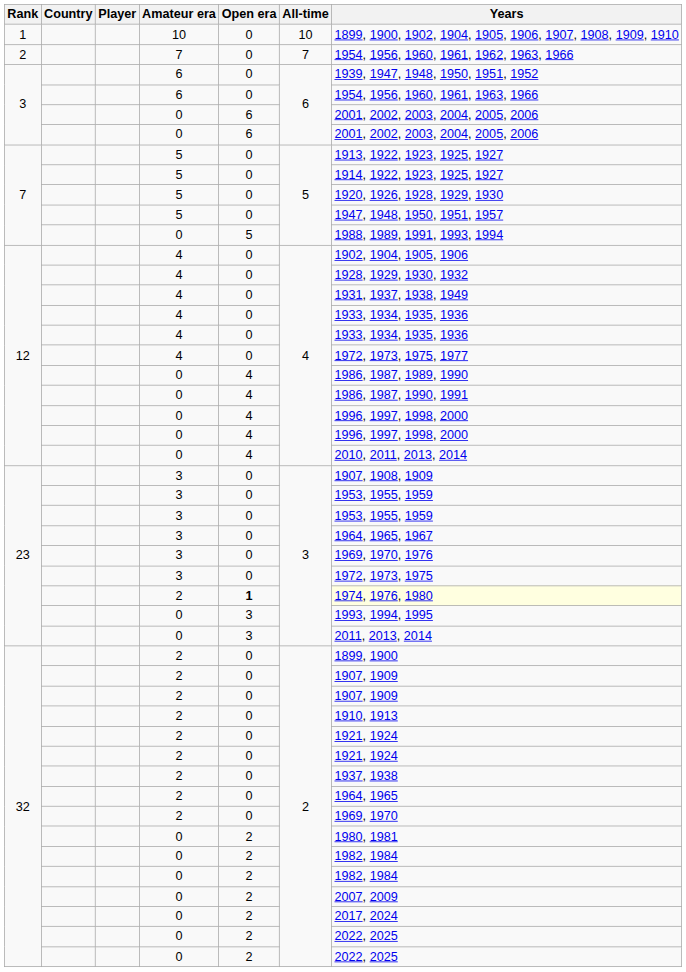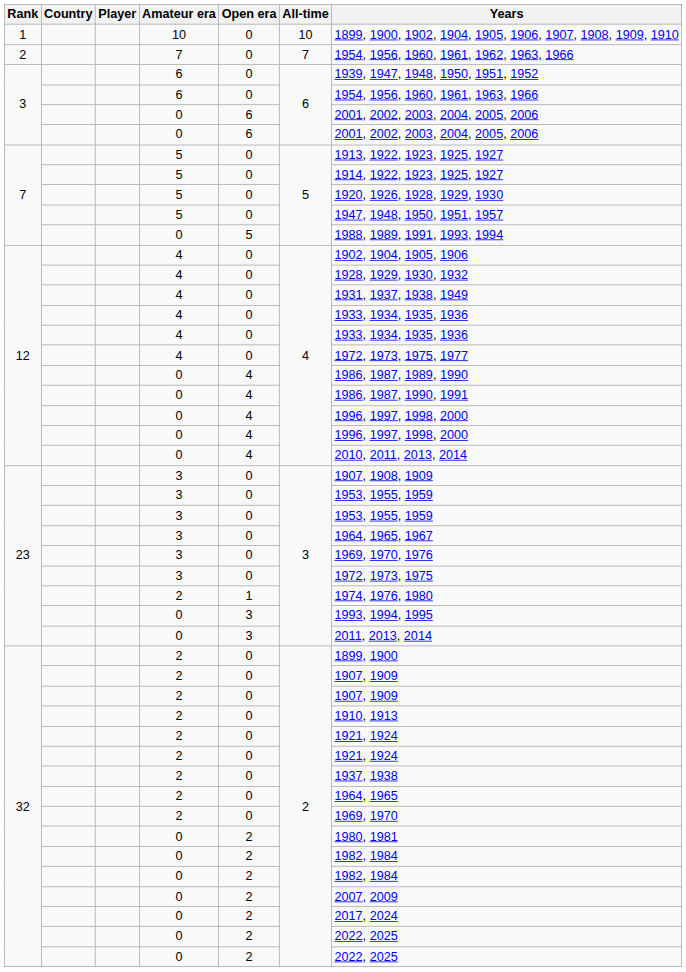 <table class="wikitable sortable">
 <tr>
 <th>Rank</th>
 <th>Country</th>
 <th>Player</th>
 <th>Amateur era</th>
 <th>Open era</th>
 <th>All-time</th>
 <th class="unsortable">Years</th>
 </tr>
 <tr>
 <td align=center>1</td>
 <td></td>
 <td></td>
 <td align=center>10</td>
 <td align=center>0</td>
 <td align=center>10</td>
 <td><a href='#'>1899</a>, <a href='#'>1900</a>, <a href='#'>1902</a>, <a href='#'>1904</a>, <a href='#'>1905</a>, <a href='#'>1906</a>, <a href='#'>1907</a>, <a href='#'>1908</a>, <a href='#'>1909</a>, <a href='#'>1910</a></td>
 </tr>
 <tr>
 <td align=center>2</td>
 <td><br></td>
 <td></td>
 <td align=center>7</td>
 <td align=center>0</td>
 <td align=center>7</td>
 <td><a href='#'>1954</a>, <a href='#'>1956</a>, <a href='#'>1960</a>, <a href='#'>1961</a>, <a href='#'>1962</a>, <a href='#'>1963</a>, <a href='#'>1966</a></td>
 </tr>
 <tr>
 <td rowspan=4 align=center>3</td>
 <td></td>
 <td></td>
 <td align=center>6</td>
 <td align=center>0</td>
 <td rowspan=4 align=center>6</td>
 <td><a href='#'>1939</a>, <a href='#'>1947</a>, <a href='#'>1948</a>, <a href='#'>1950</a>, <a href='#'>1951</a>, <a href='#'>1952</a></td>
 </tr>
 <tr>
 <td><br></td>
 <td></td>
 <td align=center>6</td>
 <td align=center>0</td>
 <td><a href='#'>1954</a>, <a href='#'>1956</a>, <a href='#'>1960</a>, <a href='#'>1961</a>, <a href='#'>1963</a>, <a href='#'>1966</a></td>
 </tr>
 <tr>
 <td></td>
 <td></td>
 <td align=center>0</td>
 <td align=center>6</td>
 <td><a href='#'>2001</a>, <a href='#'>2002</a>, <a href='#'>2003</a>, <a href='#'>2004</a>, <a href='#'>2005</a>, <a href='#'>2006</a></td>
 </tr>
 <tr>
 <td></td>
 <td></td>
 <td align=center>0</td>
 <td align=center>6</td>
 <td><a href='#'>2001</a>, <a href='#'>2002</a>, <a href='#'>2003</a>, <a href='#'>2004</a>, <a href='#'>2005</a>, <a href='#'>2006</a></td>
 </tr>
 <tr>
 <td rowspan=5 align=center>7</td>
 <td></td>
 <td></td>
 <td align=center>5</td>
 <td align=center>0</td>
 <td rowspan=5 align=center>5</td>
 <td><a href='#'>1913</a>, <a href='#'>1922</a>, <a href='#'>1923</a>, <a href='#'>1925</a>, <a href='#'>1927</a></td>
 </tr>
 <tr>
 <td></td>
 <td></td>
 <td align=center>5</td>
 <td align=center>0</td>
 <td><a href='#'>1914</a>, <a href='#'>1922</a>, <a href='#'>1923</a>, <a href='#'>1925</a>, <a href='#'>1927</a></td>
 </tr>
 <tr>
 <td></td>
 <td></td>
 <td align=center>5</td>
 <td align=center>0</td>
 <td><a href='#'>1920</a>, <a href='#'>1926</a>, <a href='#'>1928</a>, <a href='#'>1929</a>, <a href='#'>1930</a></td>
 </tr>
 <tr>
 <td></td>
 <td></td>
 <td align=center>5</td>
 <td align=center>0</td>
 <td><a href='#'>1947</a>, <a href='#'>1948</a>, <a href='#'>1950</a>, <a href='#'>1951</a>, <a href='#'>1957</a></td>
 </tr>
 <tr>
 <td></td>
 <td></td>
 <td align=center>0</td>
 <td align=center>5</td>
 <td><a href='#'>1988</a>, <a href='#'>1989</a>, <a href='#'>1991</a>, <a href='#'>1993</a>, <a href='#'>1994</a></td>
 </tr>
 <tr>
 <td rowspan=11 align=center>12</td>
 <td></td>
 <td></td>
 <td align=center>4</td>
 <td align=center>0</td>
 <td rowspan=11 align=center>4</td>
 <td><a href='#'>1902</a>, <a href='#'>1904</a>, <a href='#'>1905</a>, <a href='#'>1906</a></td>
 </tr>
 <tr>
 <td></td>
 <td></td>
 <td align=center>4</td>
 <td align=center>0</td>
 <td><a href='#'>1928</a>, <a href='#'>1929</a>, <a href='#'>1930</a>, <a href='#'>1932</a></td>
 </tr>
 <tr>
 <td></td>
 <td></td>
 <td align=center>4</td>
 <td align=center>0</td>
 <td><a href='#'>1931</a>, <a href='#'>1937</a>, <a href='#'>1938</a>, <a href='#'>1949</a></td>
 </tr>
 <tr>
 <td></td>
 <td></td>
 <td align=center>4</td>
 <td align=center>0</td>
 <td><a href='#'>1933</a>, <a href='#'>1934</a>, <a href='#'>1935</a>, <a href='#'>1936</a></td>
 </tr>
 <tr>
 <td></td>
 <td></td>
 <td align=center>4</td>
 <td align=center>0</td>
 <td><a href='#'>1933</a>, <a href='#'>1934</a>, <a href='#'>1935</a>, <a href='#'>1936</a></td>
 </tr>
 <tr>
 <td></td>
 <td></td>
 <td align=center>4</td>
 <td align=center>0</td>
 <td><a href='#'>1972</a>, <a href='#'>1973</a>, <a href='#'>1975</a>, <a href='#'>1977</a></td>
 </tr>
 <tr>
 <td></td>
 <td></td>
 <td align=center>0</td>
 <td align=center>4</td>
 <td><a href='#'>1986</a>, <a href='#'>1987</a>, <a href='#'>1989</a>, <a href='#'>1990</a></td>
 </tr>
 <tr>
 <td></td>
 <td></td>
 <td align=center>0</td>
 <td align=center>4</td>
 <td><a href='#'>1986</a>, <a href='#'>1987</a>, <a href='#'>1990</a>, <a href='#'>1991</a></td>
 </tr>
 <tr>
 <td></td>
 <td></td>
 <td align=center>0</td>
 <td align=center>4</td>
 <td><a href='#'>1996</a>, <a href='#'>1997</a>, <a href='#'>1998</a>, <a href='#'>2000</a></td>
 </tr>
 <tr>
 <td></td>
 <td></td>
 <td align=center>0</td>
 <td align=center>4</td>
 <td><a href='#'>1996</a>, <a href='#'>1997</a>, <a href='#'>1998</a>, <a href='#'>2000</a></td>
 </tr>
 <tr>
 <td></td>
 <td></td>
 <td align=center>0</td>
 <td align=center>4</td>
 <td><a href='#'>2010</a>, <a href='#'>2011</a>, <a href='#'>2013</a>, <a href='#'>2014</a></td>
 </tr>
 <tr>
 <td rowspan=9 align=center>23</td>
 <td></td>
 <td></td>
 <td align=center>3</td>
 <td align=center>0</td>
 <td rowspan=9 align=center>3</td>
 <td><a href='#'>1907</a>, <a href='#'>1908</a>, <a href='#'>1909</a></td>
 </tr>
 <tr>
 <td></td>
 <td></td>
 <td align=center>3</td>
 <td align=center>0</td>
 <td><a href='#'>1953</a>, <a href='#'>1955</a>, <a href='#'>1959</a></td>
 </tr>
 <tr>
 <td></td>
 <td></td>
 <td align=center>3</td>
 <td align=center>0</td>
 <td><a href='#'>1953</a>, <a href='#'>1955</a>, <a href='#'>1959</a></td>
 </tr>
 <tr>
 <td></td>
 <td></td>
 <td align=center>3</td>
 <td align=center>0</td>
 <td><a href='#'>1964</a>, <a href='#'>1965</a>, <a href='#'>1967</a></td>
 </tr>
 <tr>
 <td></td>
 <td></td>
 <td align=center>3</td>
 <td align=center>0</td>
 <td><a href='#'>1969</a>, <a href='#'>1970</a>, <a href='#'>1976</a></td>
 </tr>
 <tr>
 <td></td>
 <td></td>
 <td align=center>3</td>
 <td align=center>0</td>
 <td><a href='#'>1972</a>, <a href='#'>1973</a>, <a href='#'>1975</a></td>
 </tr>
 <tr>
 <td></td>
 <td></td>
 <td align=center>2</td>
-<td align=center><strong>1</strong></td>
-<td style="background: lightyellow;"><a href='#'>1974</a>, <a href='#'>1976</a>, <a href='#'>1980</a></td>
+<td align=center>1</td>
+<td><a href='#'>1974</a>, <a href='#'>1976</a>, <a href='#'>1980</a></td>
 </tr>
 <tr>
 <td></td>
 <td></td>
 <td align=center>0</td>
 <td align=center>3</td>
 <td><a href='#'>1993</a>, <a href='#'>1994</a>, <a href='#'>1995</a></td>
 </tr>
 <tr>
 <td></td>
 <td></td>
 <td align=center>0</td>
 <td align=center>3</td>
 <td><a href='#'>2011</a>, <a href='#'>2013</a>, <a href='#'>2014</a></td>
 </tr>
 <tr>
 <td rowspan=16 align=center>32</td>
 <td></td>
 <td></td>
 <td align=center>2</td>
 <td align=center>0</td>
 <td rowspan=16 align=center>2</td>
 <td><a href='#'>1899</a>, <a href='#'>1900</a></td>
 </tr>
 <tr>
 <td></td>
 <td></td>
 <td align=center>2</td>
 <td align=center>0</td>
 <td><a href='#'>1907</a>, <a href='#'>1909</a></td>
 </tr>
 <tr>
 <td></td>
 <td></td>
 <td align=center>2</td>
 <td align=center>0</td>
 <td><a href='#'>1907</a>, <a href='#'>1909</a></td>
 </tr>
 <tr>
 <td></td>
 <td></td>
 <td align=center>2</td>
 <td align=center>0</td>
 <td><a href='#'>1910</a>, <a href='#'>1913</a></td>
 </tr>
 <tr>
 <td></td>
 <td></td>
 <td align=center>2</td>
 <td align=center>0</td>
 <td><a href='#'>1921</a>, <a href='#'>1924</a></td>
 </tr>
 <tr>
 <td></td>
 <td></td>
 <td align=center>2</td>
 <td align=center>0</td>
 <td><a href='#'>1921</a>, <a href='#'>1924</a></td>
 </tr>
 <tr>
 <td></td>
 <td></td>
 <td align=center>2</td>
 <td align=center>0</td>
 <td><a href='#'>1937</a>, <a href='#'>1938</a></td>
 </tr>
 <tr>
 <td></td>
 <td></td>
 <td align=center>2</td>
 <td align=center>0</td>
 <td><a href='#'>1964</a>, <a href='#'>1965</a></td>
 </tr>
 <tr>
 <td></td>
 <td></td>
 <td align=center>2</td>
 <td align=center>0</td>
 <td><a href='#'>1969</a>, <a href='#'>1970</a></td>
 </tr>
 <tr>
 <td></td>
 <td></td>
 <td align=center>0</td>
 <td align=center>2</td>
 <td><a href='#'>1980</a>, <a href='#'>1981</a></td>
 </tr>
 <tr>
 <td></td>
 <td></td>
 <td align=center>0</td>
 <td align=center>2</td>
 <td><a href='#'>1982</a>, <a href='#'>1984</a></td>
 </tr>
 <tr>
 <td></td>
 <td></td>
 <td align=center>0</td>
 <td align=center>2</td>
 <td><a href='#'>1982</a>, <a href='#'>1984</a></td>
 </tr>
 <tr>
 <td></td>
 <td></td>
 <td align=center>0</td>
 <td align=center>2</td>
 <td><a href='#'>2007</a>, <a href='#'>2009</a></td>
 </tr>
 <tr>
 <td></td>
 <td><strong></strong></td>
 <td align=center>0</td>
 <td align=center>2</td>
 <td><a href='#'>2017</a>, <a href='#'>2024</a></td>
 </tr>
 <tr>
 <td></td>
 <td><strong></strong></td>
 <td align=center>0</td>
 <td align=center>2</td>
 <td><a href='#'>2022</a>, <a href='#'>2025</a></td>
 </tr>
 <tr>
 <td></td>
 <td><strong></strong></td>
 <td align=center>0</td>
 <td align=center>2</td>
 <td><a href='#'>2022</a>, <a href='#'>2025</a></td>
 </tr>
 </table>
